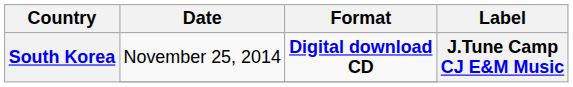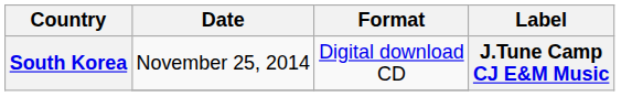 <table class="wikitable plainrowheaders" style="text-align:center">
 <tr>
 <th scope="col">Country</th>
 <th>Date</th>
 <th>Format</th>
 <th>Label</th>
 </tr>
 <tr>
 <th scope="row" rowspan="2"><a href='#'>South Korea</a></th>
 <td>November 25, 2014</td>
-<td align="center"><strong><a href='#'>Digital download</a><br>CD</strong></td>
+<td align="center"><a href='#'>Digital download</a><br>CD</td>
 <th align="center" scope="row" rowspan="2">J.Tune Camp<br><a href='#'>CJ E&M Music</a></th>
 </tr>
 <tr>
 </tr>
 </table>
